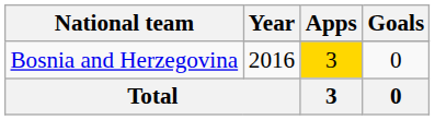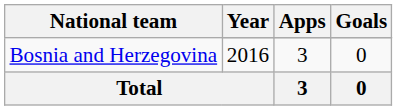 <table class="wikitable" style="text-align:center">
 <tr>
 <th>National team</th>
 <th>Year</th>
 <th>Apps</th>
 <th>Goals</th>
 </tr>
 <tr>
 <td rowspan=2><a href='#'>Bosnia and Herzegovina</a></td>
 </tr>
 <tr>
 <td>2016</td>
-<td style="background: gold;">3</td>
+<td>3</td>
 <td>0</td>
 </tr>
 <tr>
 <th colspan=2>Total</th>
 <th>3</th>
 <th>0</th>
 </tr>
 </table>
